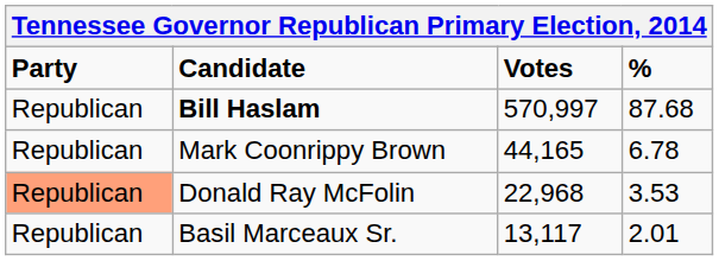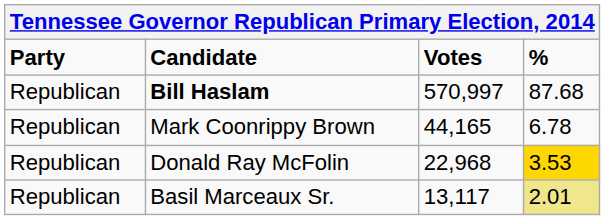 <table class="wikitable">
 <tr>
 <th colspan="4"><a href='#'>Tennessee Governor Republican Primary Election, 2014</a></th>
 </tr>
 <tr>
 <td><strong>Party</strong></td>
 <td><strong>Candidate</strong></td>
 <td><strong>Votes</strong></td>
 <td><strong>%</strong></td>
 </tr>
 <tr>
 <td>Republican</td>
 <td><strong>Bill Haslam</strong></td>
 <td>570,997</td>
 <td>87.68</td>
 </tr>
 <tr>
 <td>Republican</td>
 <td>Mark Coonrippy Brown</td>
 <td>44,165</td>
 <td>6.78</td>
 </tr>
 <tr>
-<td style="background: lightsalmon;">Republican</td>
+<td>Republican</td>
 <td>Donald Ray McFolin</td>
 <td>22,968</td>
-<td>3.53</td>
+<td style="background: gold;">3.53</td>
 </tr>
 <tr>
 <td>Republican</td>
 <td>Basil Marceaux Sr.</td>
 <td>13,117</td>
-<td>2.01</td>
+<td style="background: khaki;">2.01</td>
 </tr>
 </table>
